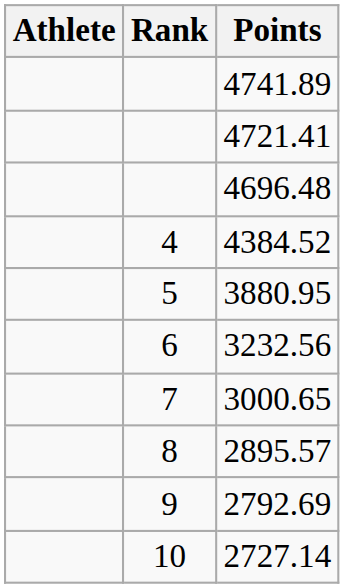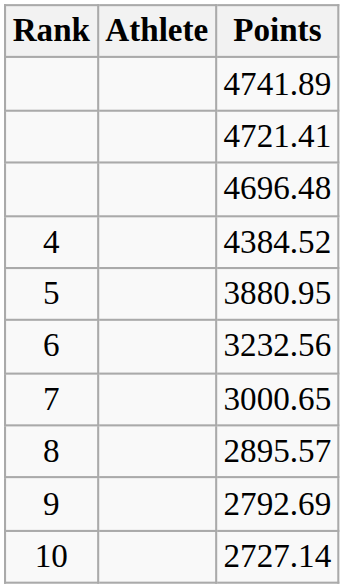 <table class="wikitable" style="display:inline-table; text-align:center;">
 <tr>
+<th>Rank</th>
 <th>Athlete</th>
-<th>Rank</th>
 <th>Points</th>
 </tr>
 <tr>
+<td></td>
 <td align="left"></td>
-<td></td>
 <td>4741.89</td>
 </tr>
 <tr>
+<td></td>
 <td align="left"></td>
-<td></td>
 <td>4721.41</td>
 </tr>
 <tr>
+<td></td>
 <td align="left"></td>
-<td></td>
 <td>4696.48</td>
 </tr>
 <tr>
+<td>4</td>
 <td align="left"></td>
-<td>4</td>
 <td>4384.52</td>
 </tr>
 <tr>
+<td>5</td>
 <td align="left"></td>
-<td>5</td>
 <td>3880.95</td>
 </tr>
 <tr>
+<td>6</td>
 <td align="left"></td>
-<td>6</td>
 <td>3232.56</td>
 </tr>
 <tr>
+<td>7</td>
 <td align="left"></td>
-<td>7</td>
 <td>3000.65</td>
 </tr>
 <tr>
+<td>8</td>
 <td align="left"></td>
-<td>8</td>
 <td>2895.57</td>
 </tr>
 <tr>
+<td>9</td>
 <td align="left"></td>
-<td>9</td>
 <td>2792.69</td>
 </tr>
 <tr>
+<td>10</td>
 <td align="left"></td>
-<td>10</td>
 <td>2727.14</td>
 </tr>
 </table>
